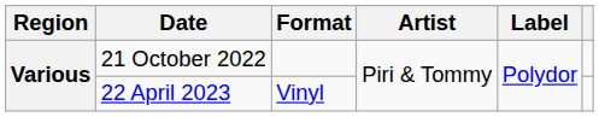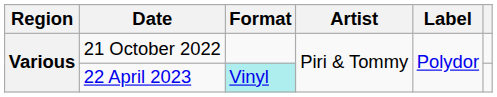 <table class="wikitable plainrowheaders">
 <tr>
 <th scope="col">Region</th>
 <th scope="col">Date</th>
 <th scope="col">Format</th>
 <th scope="col">Artist</th>
 <th scope="col">Label</th>
 <th scope="col"></th>
 </tr>
 <tr>
 <th rowspan="2">Various</th>
 <td>21 October 2022</td>
 <td></td>
 <td rowspan="2">Piri & Tommy</td>
 <td rowspan="2"><a href='#'>Polydor</a></td>
 <td></td>
 </tr>
 <tr>
 <td><a href='#'>22 April 2023</a></td>
-<td><a href='#'>Vinyl</a></td>
+<td style="background: paleturquoise;"><a href='#'>Vinyl</a></td>
 <td></td>
 </tr>
 </table>
